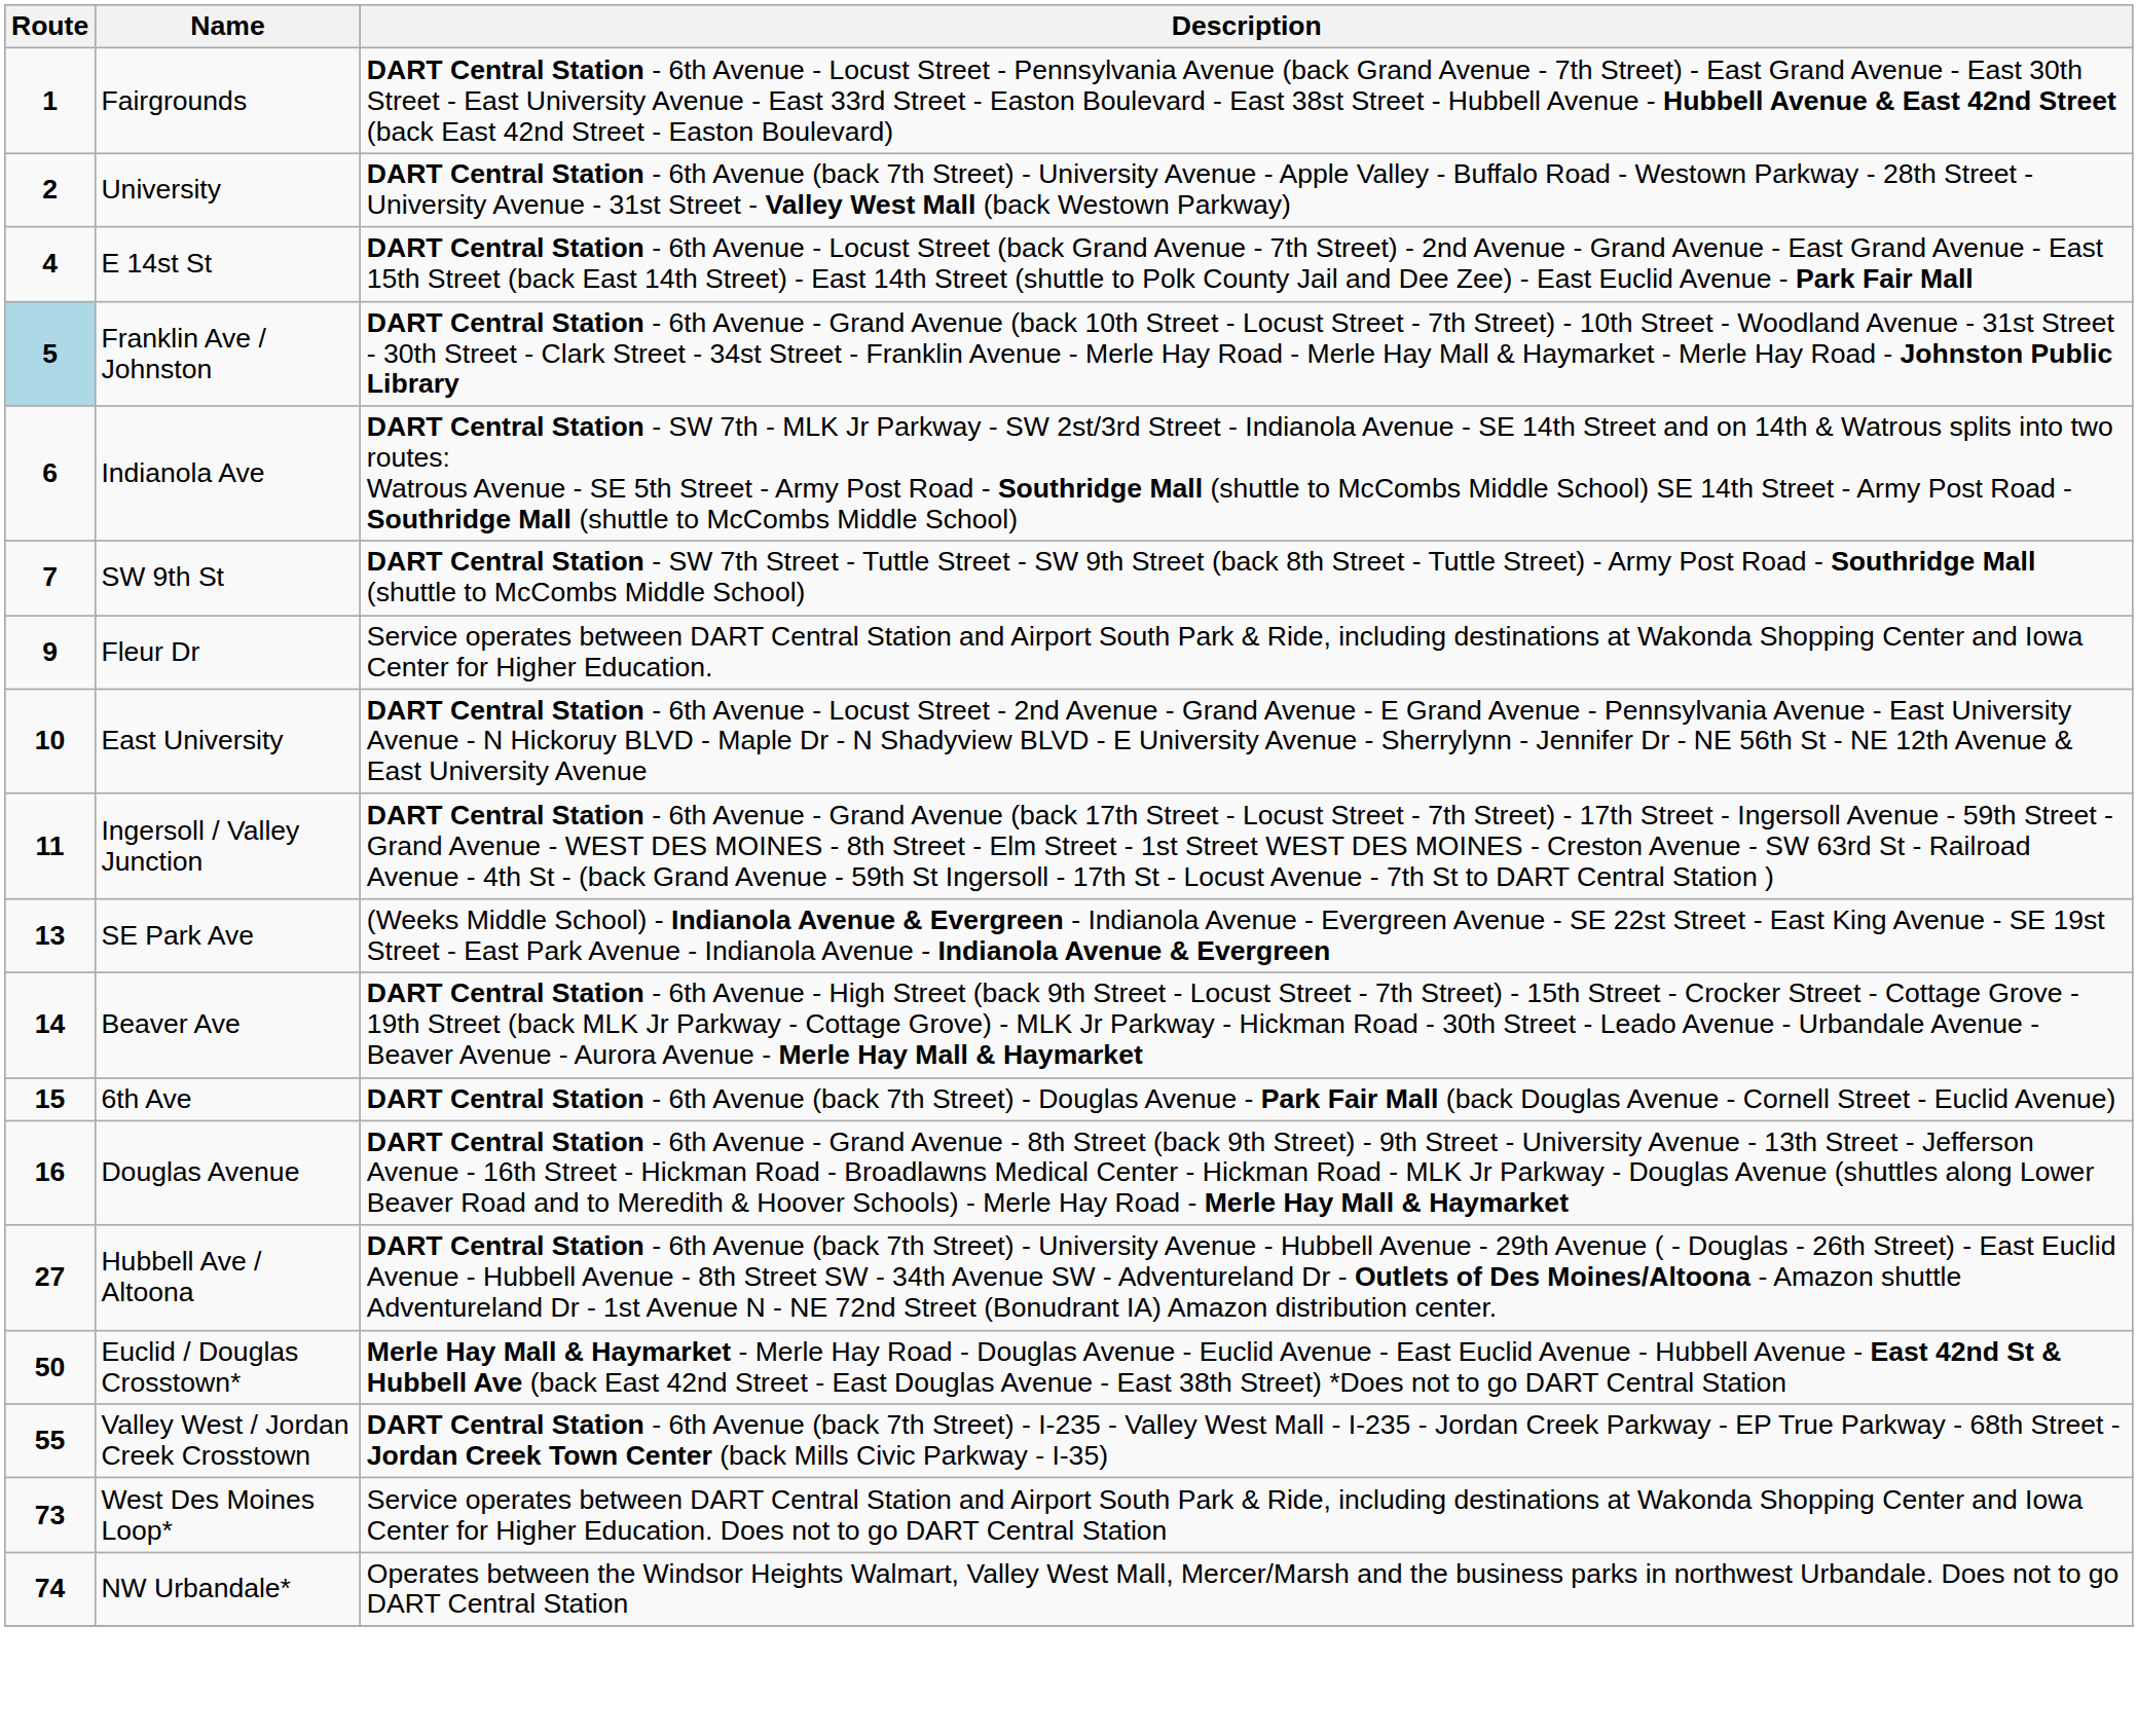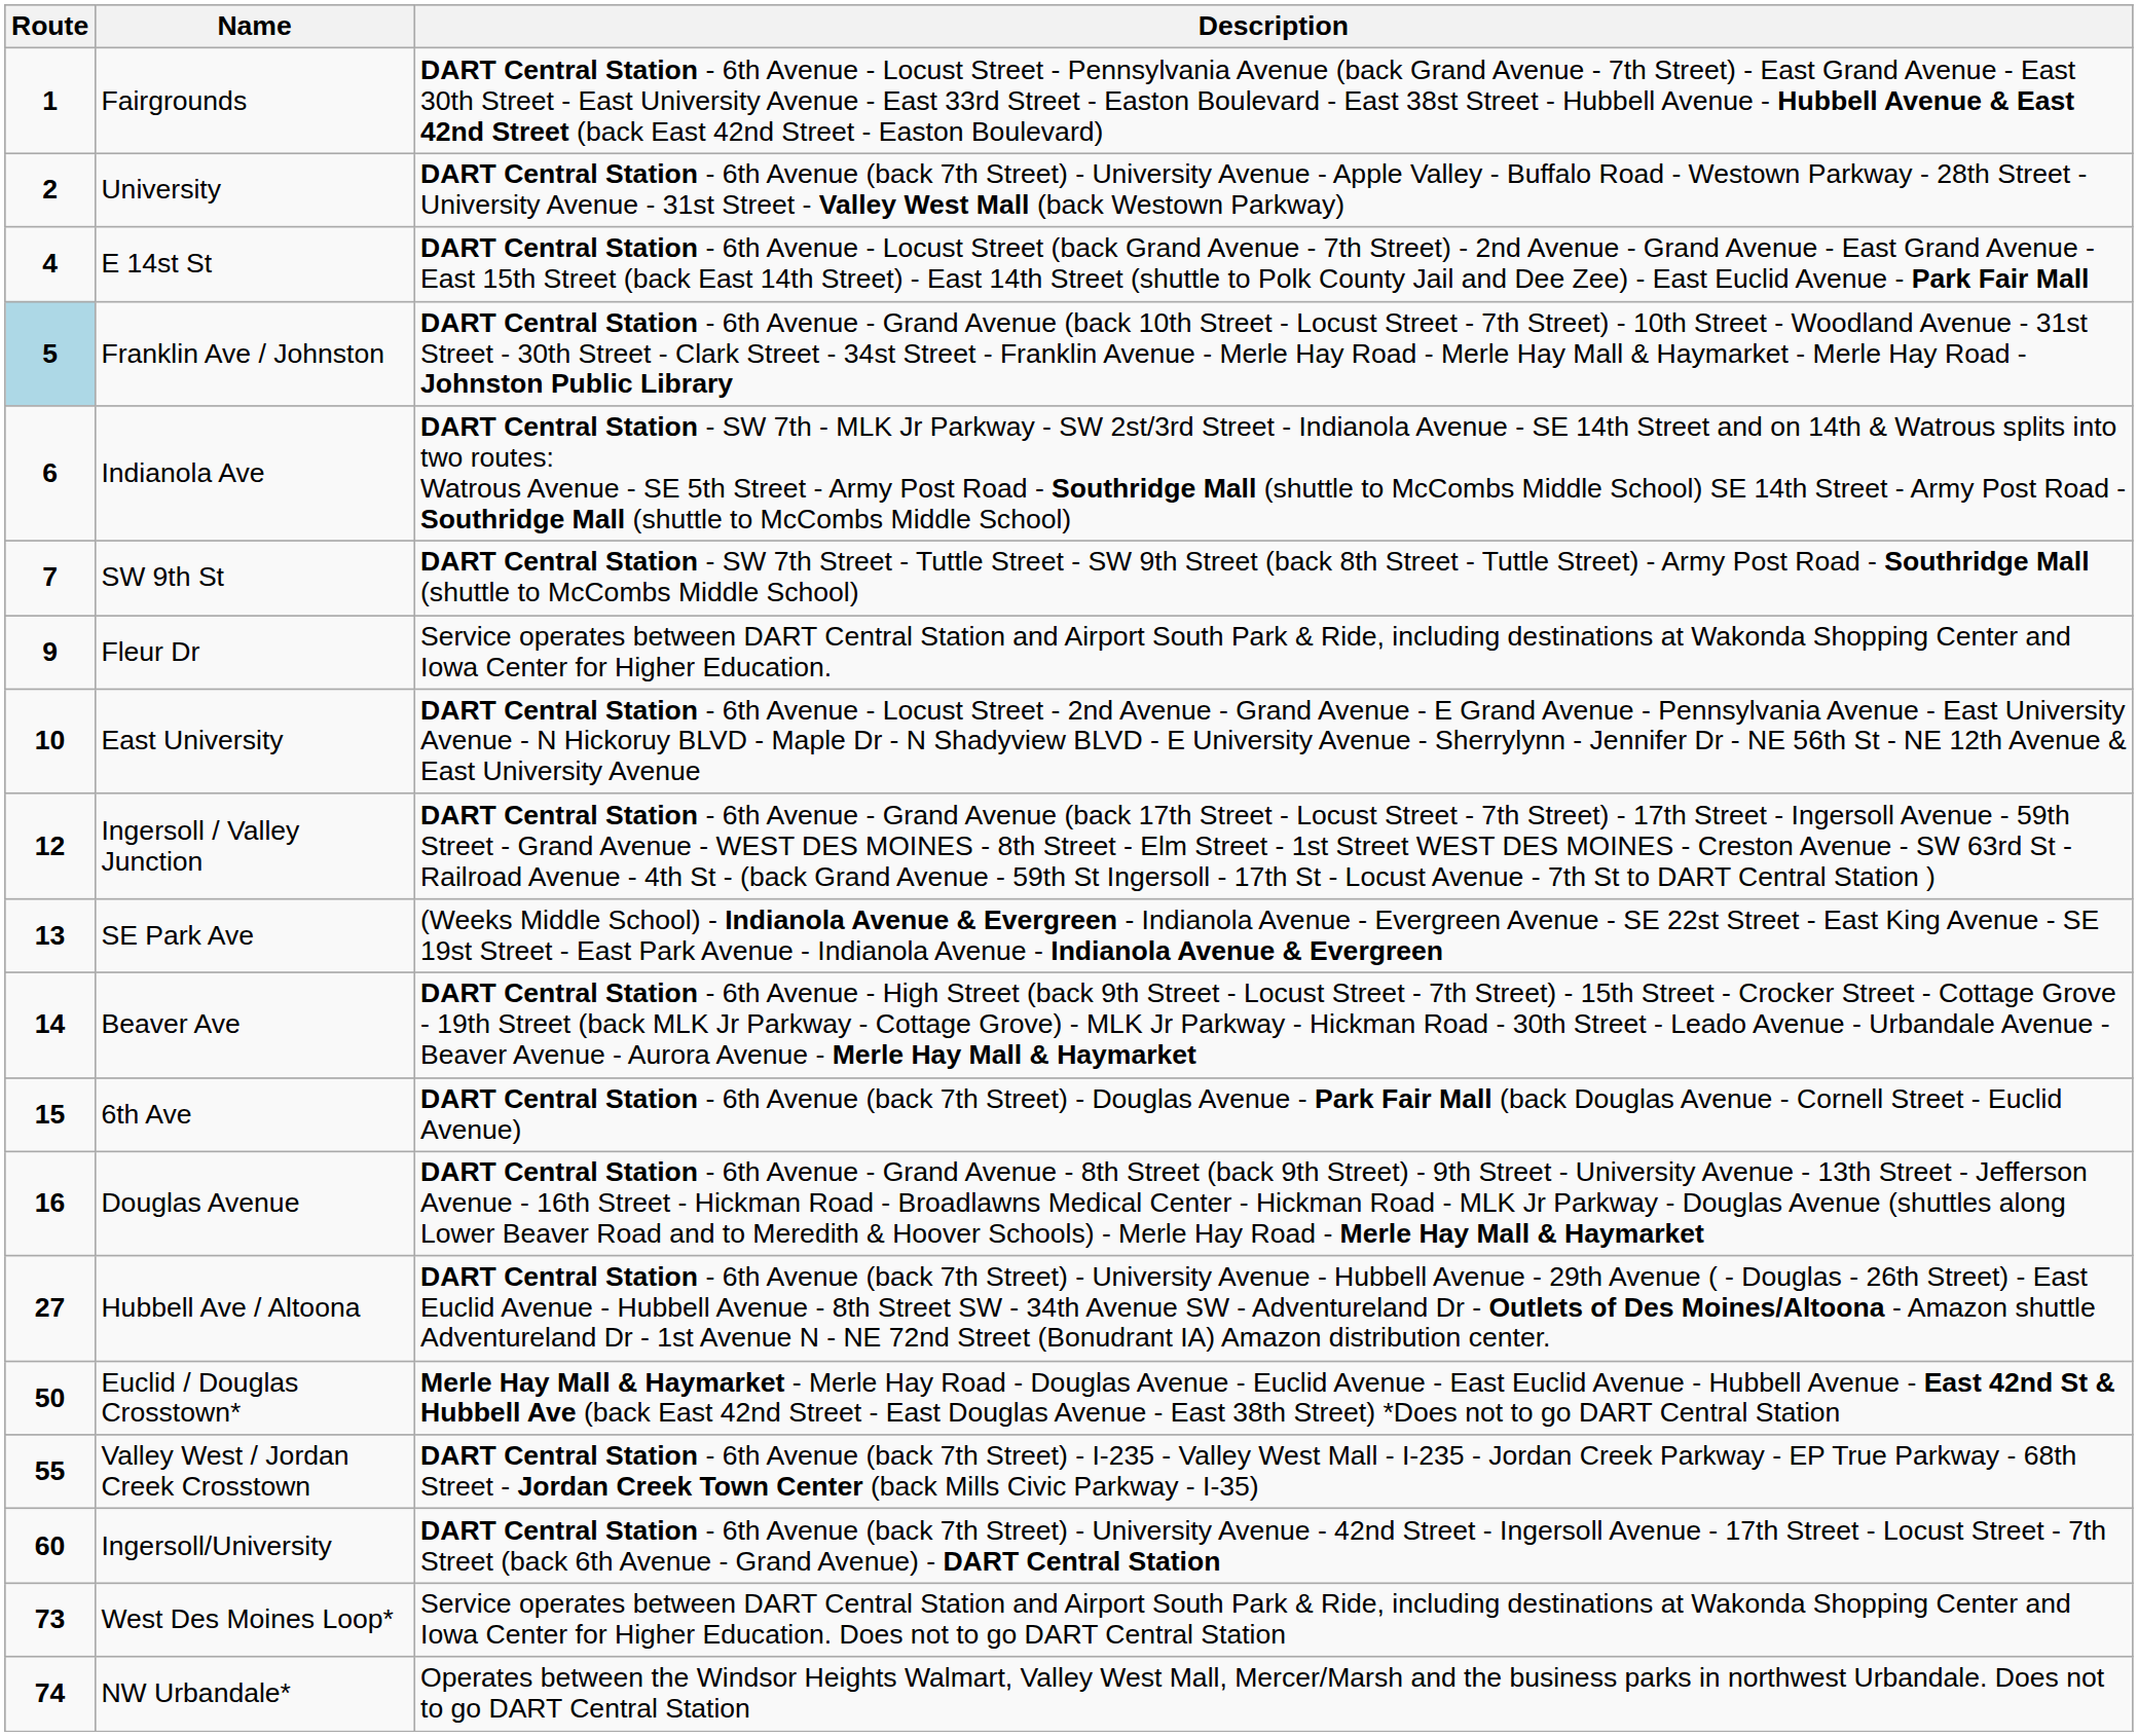 <table class="wikitable">
 <tr>
 <th>Route</th>
 <th>Name</th>
 <th>Description</th>
 </tr>
 <tr>
 <td style="font-weight:bold;text-align:center">1</td>
 <td>Fairgrounds</td>
 <td><strong>DART Central Station</strong> - 6th Avenue - Locust Street - Pennsylvania Avenue (back Grand Avenue - 7th Street) - East Grand Avenue - East 30th Street - East University Avenue - East 33rd Street - Easton Boulevard - East 38st Street - Hubbell Avenue - <strong>Hubbell Avenue & East 42nd Street</strong> (back East 42nd Street - Easton Boulevard)</td>
 </tr>
 <tr>
 <td style="font-weight:bold;text-align:center">2</td>
 <td>University</td>
 <td><strong>DART Central Station</strong> - 6th Avenue (back 7th Street) - University Avenue - Apple Valley - Buffalo Road - Westown Parkway - 28th Street - University Avenue - 31st Street - <strong>Valley West Mall</strong> (back Westown Parkway)</td>
 </tr>
 <tr>
 <td style="font-weight:bold;text-align:center">4</td>
 <td>E 14st St</td>
 <td><strong>DART Central Station</strong> - 6th Avenue - Locust Street (back Grand Avenue - 7th Street) - 2nd Avenue - Grand Avenue - East Grand Avenue - East 15th Street (back East 14th Street) - East 14th Street (shuttle to Polk County Jail and Dee Zee) - East Euclid Avenue - <strong>Park Fair Mall</strong></td>
 </tr>
 <tr>
 <td style="background: lightblue; font-weight:bold;text-align:center">5</td>
 <td>Franklin Ave / Johnston</td>
 <td><strong>DART Central Station</strong> - 6th Avenue - Grand Avenue (back 10th Street - Locust Street - 7th Street) - 10th Street - Woodland Avenue - 31st Street - 30th Street - Clark Street - 34st Street - Franklin Avenue - Merle Hay Road - Merle Hay Mall & Haymarket - Merle Hay Road - <strong>Johnston Public Library</strong></td>
 </tr>
 <tr>
 <td style="font-weight:bold;text-align:center">6</td>
 <td>Indianola Ave</td>
 <td><strong>DART Central Station</strong> - SW 7th - MLK Jr Parkway - SW 2st/3rd Street - Indianola Avenue - SE 14th Street and on 14th & Watrous splits into two routes:<br>Watrous Avenue - SE 5th Street - Army Post Road - <strong>Southridge Mall</strong> (shuttle to McCombs Middle School) SE 14th Street - Army Post Road - <strong>Southridge Mall</strong> (shuttle to McCombs Middle School)</td>
 </tr>
 <tr>
 <td style="font-weight:bold;text-align:center">7</td>
 <td>SW 9th St</td>
 <td><strong>DART Central Station</strong> - SW 7th Street - Tuttle Street - SW 9th Street (back 8th Street - Tuttle Street) - Army Post Road - <strong>Southridge Mall</strong> (shuttle to McCombs Middle School)</td>
 </tr>
 <tr>
 <td style="font-weight:bold;text-align:center">9</td>
 <td>Fleur Dr</td>
 <td>Service operates between DART Central Station and Airport South Park & Ride, including destinations at Wakonda Shopping Center and Iowa Center for Higher Education.</td>
 </tr>
 <tr>
 <td style="font-weight:bold;text-align:center">10</td>
 <td>East University</td>
 <td><strong>DART Central Station</strong> - 6th Avenue - Locust Street - 2nd Avenue - Grand Avenue - E Grand Avenue - Pennsylvania Avenue - East University Avenue - N Hickoruy BLVD - Maple Dr - N Shadyview BLVD - E University Avenue - Sherrylynn - Jennifer Dr - NE 56th St - NE 12th Avenue & East University Avenue</td>
 </tr>
 <tr>
-<td style="font-weight:bold;text-align:center">11</td>
+<td style="font-weight:bold;text-align:center">12</td>
 <td>Ingersoll / Valley Junction</td>
 <td><strong>DART Central Station</strong> - 6th Avenue - Grand Avenue (back 17th Street - Locust Street - 7th Street) - 17th Street - Ingersoll Avenue - 59th Street - Grand Avenue - WEST DES MOINES - 8th Street - Elm Street - 1st Street WEST DES MOINES - Creston Avenue - SW 63rd St - Railroad Avenue - 4th St - (back Grand Avenue - 59th St Ingersoll - 17th St - Locust Avenue - 7th St to DART Central Station )</td>
 </tr>
 <tr>
 <td style="font-weight:bold;text-align:center">13</td>
 <td>SE Park Ave</td>
 <td>(Weeks Middle School) - <strong>Indianola Avenue & Evergreen</strong> - Indianola Avenue - Evergreen Avenue - SE 22st Street - East King Avenue - SE 19st Street - East Park Avenue - Indianola Avenue - <strong>Indianola Avenue & Evergreen</strong></td>
 </tr>
 <tr>
 <td style="font-weight:bold;text-align:center">14</td>
 <td>Beaver Ave</td>
 <td><strong>DART Central Station</strong> - 6th Avenue - High Street (back 9th Street - Locust Street - 7th Street) - 15th Street - Crocker Street - Cottage Grove - 19th Street (back MLK Jr Parkway - Cottage Grove) - MLK Jr Parkway - Hickman Road - 30th Street - Leado Avenue - Urbandale Avenue - Beaver Avenue - Aurora Avenue - <strong>Merle Hay Mall & Haymarket</strong></td>
 </tr>
 <tr>
 <td style="font-weight:bold;text-align:center">15</td>
 <td>6th Ave</td>
 <td><strong>DART Central Station</strong> - 6th Avenue (back 7th Street) - Douglas Avenue - <strong>Park Fair Mall</strong> (back Douglas Avenue - Cornell Street - Euclid Avenue)</td>
 </tr>
 <tr>
 <td style="font-weight:bold;text-align:center">16</td>
 <td>Douglas Avenue</td>
 <td><strong>DART Central Station</strong> - 6th Avenue - Grand Avenue - 8th Street (back 9th Street) - 9th Street - University Avenue - 13th Street - Jefferson Avenue - 16th Street - Hickman Road - Broadlawns Medical Center - Hickman Road - MLK Jr Parkway - Douglas Avenue (shuttles along Lower Beaver Road and to Meredith & Hoover Schools) - Merle Hay Road - <strong>Merle Hay Mall & Haymarket</strong></td>
 </tr>
 <tr>
 <td style="font-weight:bold;text-align:center">27</td>
 <td>Hubbell Ave / Altoona</td>
 <td><strong>DART Central Station</strong> - 6th Avenue (back 7th Street) - University Avenue - Hubbell Avenue - 29th Avenue ( - Douglas - 26th Street) - East Euclid Avenue - Hubbell Avenue - 8th Street SW - 34th Avenue SW - Adventureland Dr - <strong>Outlets of Des Moines/Altoona</strong> - Amazon shuttle Adventureland Dr - 1st Avenue N - NE 72nd Street (Bonudrant IA) Amazon distribution center.</td>
 </tr>
 <tr>
 <td style="font-weight:bold;text-align:center">50</td>
 <td>Euclid / Douglas Crosstown*</td>
 <td><strong>Merle Hay Mall & Haymarket</strong> - Merle Hay Road - Douglas Avenue - Euclid Avenue - East Euclid Avenue - Hubbell Avenue - <strong>East 42nd St & Hubbell Ave</strong> (back East 42nd Street - East Douglas Avenue - East 38th Street) *Does not to go DART Central Station</td>
 </tr>
 <tr>
 <td style="font-weight:bold;text-align:center">55</td>
 <td>Valley West / Jordan Creek Crosstown</td>
 <td><strong>DART Central Station</strong> - 6th Avenue (back 7th Street) - I-235 - Valley West Mall - I-235 - Jordan Creek Parkway - EP True Parkway - 68th Street - <strong>Jordan Creek Town Center</strong> (back Mills Civic Parkway - I-35)</td>
 </tr>
 <tr>
+<td style="font-weight:bold;text-align:center">60</td>
+<td>Ingersoll/University</td>
+<td><strong>DART Central Station</strong> - 6th Avenue (back 7th Street) - University Avenue - 42nd Street - Ingersoll Avenue - 17th Street - Locust Street - 7th Street (back 6th Avenue - Grand Avenue) - <strong>DART Central Station</strong></td>
+</tr>
+<tr>
 <td style="font-weight:bold;text-align:center">73</td>
 <td>West Des Moines Loop*</td>
 <td>Service operates between DART Central Station and Airport South Park & Ride, including destinations at Wakonda Shopping Center and Iowa Center for Higher Education. Does not to go DART Central Station</td>
 </tr>
 <tr>
 <td style="font-weight:bold;text-align:center">74</td>
 <td>NW Urbandale*</td>
 <td>Operates between the Windsor Heights Walmart, Valley West Mall, Mercer/Marsh and the business parks in northwest Urbandale. Does not to go DART Central Station</td>
 </tr>
 <tr>
 </tr>
 </table>
